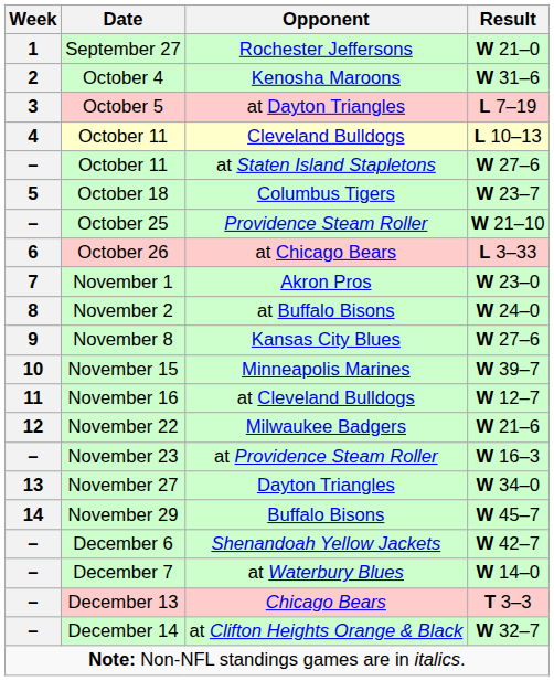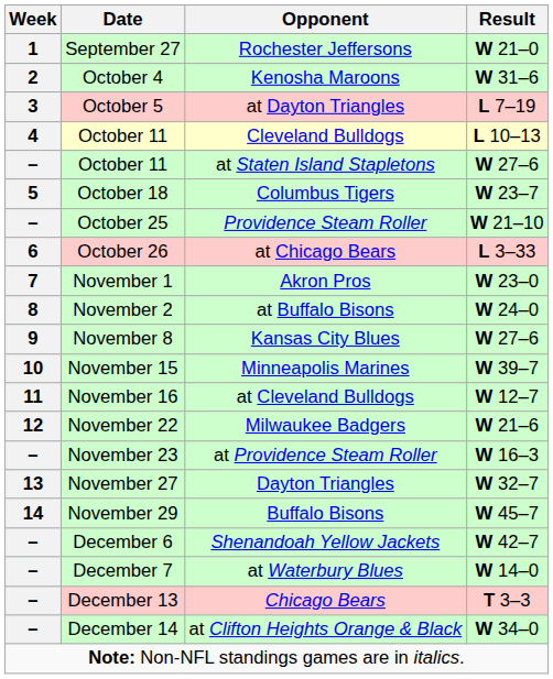 <table class="wikitable" style="text-align:center">
 <tr>
 <th>Week</th>
 <th>Date</th>
 <th>Opponent</th>
 <th>Result</th>
 </tr>
 <tr style="background:#cfc">
 <th>1</th>
 <td>September 27</td>
 <td><a href='#'>Rochester Jeffersons</a></td>
 <td><strong>W</strong> 21–0</td>
 </tr>
 <tr style="background:#cfc">
 <th>2</th>
 <td>October 4</td>
 <td><a href='#'>Kenosha Maroons</a></td>
 <td><strong>W</strong> 31–6</td>
 </tr>
 <tr style="background:#fcc">
 <th>3</th>
 <td>October 5</td>
 <td>at <a href='#'>Dayton Triangles</a></td>
 <td><strong>L</strong> 7–19</td>
 </tr>
 <tr style="background:#ffc">
 <th>4</th>
 <td>October 11</td>
 <td><a href='#'>Cleveland Bulldogs</a></td>
 <td><strong>L</strong> 10–13</td>
 </tr>
 <tr style="background:#cfc">
 <th>–</th>
 <td>October 11</td>
 <td>at <em><a href='#'>Staten Island Stapletons</a></em></td>
 <td><strong>W</strong> 27–6</td>
 </tr>
 <tr style="background:#cfc">
 <th>5</th>
 <td>October 18</td>
 <td><a href='#'>Columbus Tigers</a></td>
 <td><strong>W</strong> 23–7</td>
 </tr>
 <tr style="background:#cfc">
 <th>–</th>
 <td>October 25</td>
 <td><em><a href='#'>Providence Steam Roller</a></em></td>
 <td><strong>W</strong> 21–10</td>
 </tr>
 <tr style="background:#fcc">
 <th>6</th>
 <td>October 26</td>
 <td>at <a href='#'>Chicago Bears</a></td>
 <td><strong>L</strong> 3–33</td>
 </tr>
 <tr style="background:#cfc">
 <th>7</th>
 <td>November 1</td>
 <td><a href='#'>Akron Pros</a></td>
 <td><strong>W</strong> 23–0</td>
 </tr>
 <tr style="background:#cfc">
 <th>8</th>
 <td>November 2</td>
 <td>at <a href='#'>Buffalo Bisons</a></td>
 <td><strong>W</strong> 24–0</td>
 </tr>
 <tr style="background:#cfc">
 <th>9</th>
 <td>November 8</td>
 <td><a href='#'>Kansas City Blues</a></td>
 <td><strong>W</strong> 27–6</td>
 </tr>
 <tr style="background:#cfc">
 <th>10</th>
 <td>November 15</td>
 <td><a href='#'>Minneapolis Marines</a></td>
 <td><strong>W</strong> 39–7</td>
 </tr>
 <tr style="background:#cfc">
 <th>11</th>
 <td>November 16</td>
 <td>at <a href='#'>Cleveland Bulldogs</a></td>
 <td><strong>W</strong> 12–7</td>
 </tr>
 <tr style="background:#cfc">
 <th>12</th>
 <td>November 22</td>
 <td><a href='#'>Milwaukee Badgers</a></td>
 <td><strong>W</strong> 21–6</td>
 </tr>
 <tr style="background:#cfc">
 <th>–</th>
 <td>November 23</td>
 <td>at <em><a href='#'>Providence Steam Roller</a></em></td>
 <td><strong>W</strong> 16–3</td>
 </tr>
 <tr style="background:#cfc">
 <th>13</th>
 <td>November 27</td>
 <td><a href='#'>Dayton Triangles</a></td>
-<td><strong>W</strong> 34–0</td>
+<td><strong>W</strong> 32–7</td>
 </tr>
 <tr style="background:#cfc">
 <th>14</th>
 <td>November 29</td>
 <td><a href='#'>Buffalo Bisons</a></td>
 <td><strong>W</strong> 45–7</td>
 </tr>
 <tr style="background:#cfc">
 <th>–</th>
 <td>December 6</td>
 <td><em><a href='#'>Shenandoah Yellow Jackets</a></em></td>
 <td><strong>W</strong> 42–7</td>
 </tr>
 <tr style="background:#cfc">
 <th>–</th>
 <td>December 7</td>
 <td>at <em><a href='#'>Waterbury Blues</a></em></td>
 <td><strong>W</strong> 14–0</td>
 </tr>
 <tr style="background:#fcc">
 <th>–</th>
 <td>December 13</td>
 <td><em><a href='#'>Chicago Bears</a></em></td>
 <td><strong>T</strong> 3–3</td>
 </tr>
 <tr style="background:#cfc">
 <th>–</th>
 <td>December 14</td>
 <td>at <em><a href='#'>Clifton Heights Orange & Black</a></em></td>
-<td><strong>W</strong> 32–7</td>
+<td><strong>W</strong> 34–0</td>
 </tr>
 <tr>
 <td colspan="8"><strong>Note:</strong> Non-NFL standings games are in <em>italics</em>.</td>
 </tr>
 </table>
